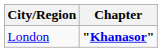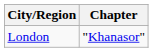 <table class="wikitable">
 <tr>
 <th>City/Region</th>
 <th>Chapter</th>
 </tr>
 <tr>
 <td><a href='#'>London</a></td>
-<td><strong>"<a href='#'>Khanasor</a>"</strong></td>
+<td>"<a href='#'>Khanasor</a>"</td>
 </tr>
 </table>
